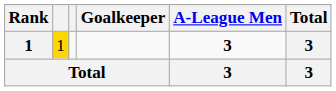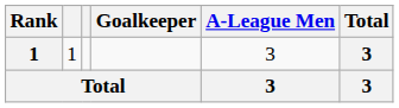 <table class="wikitable" style="text-align:center">
 <tr>
 <th>Rank</th>
 <th></th>
 <th></th>
 <th>Goalkeeper</th>
 <th><a href='#'>A-League Men</a></th>
 <th>Total</th>
 </tr>
 <tr>
 <th>1</th>
-<td style="background: gold;">1</td>
+<td>1</td>
 <td></td>
 <td align="left"></td>
-<td><strong>3</strong></td>
+<td>3</td>
 <th>3</th>
 </tr>
 <tr>
 <th colspan="4">Total</th>
 <th>3</th>
 <th>3</th>
 </tr>
 </table>
